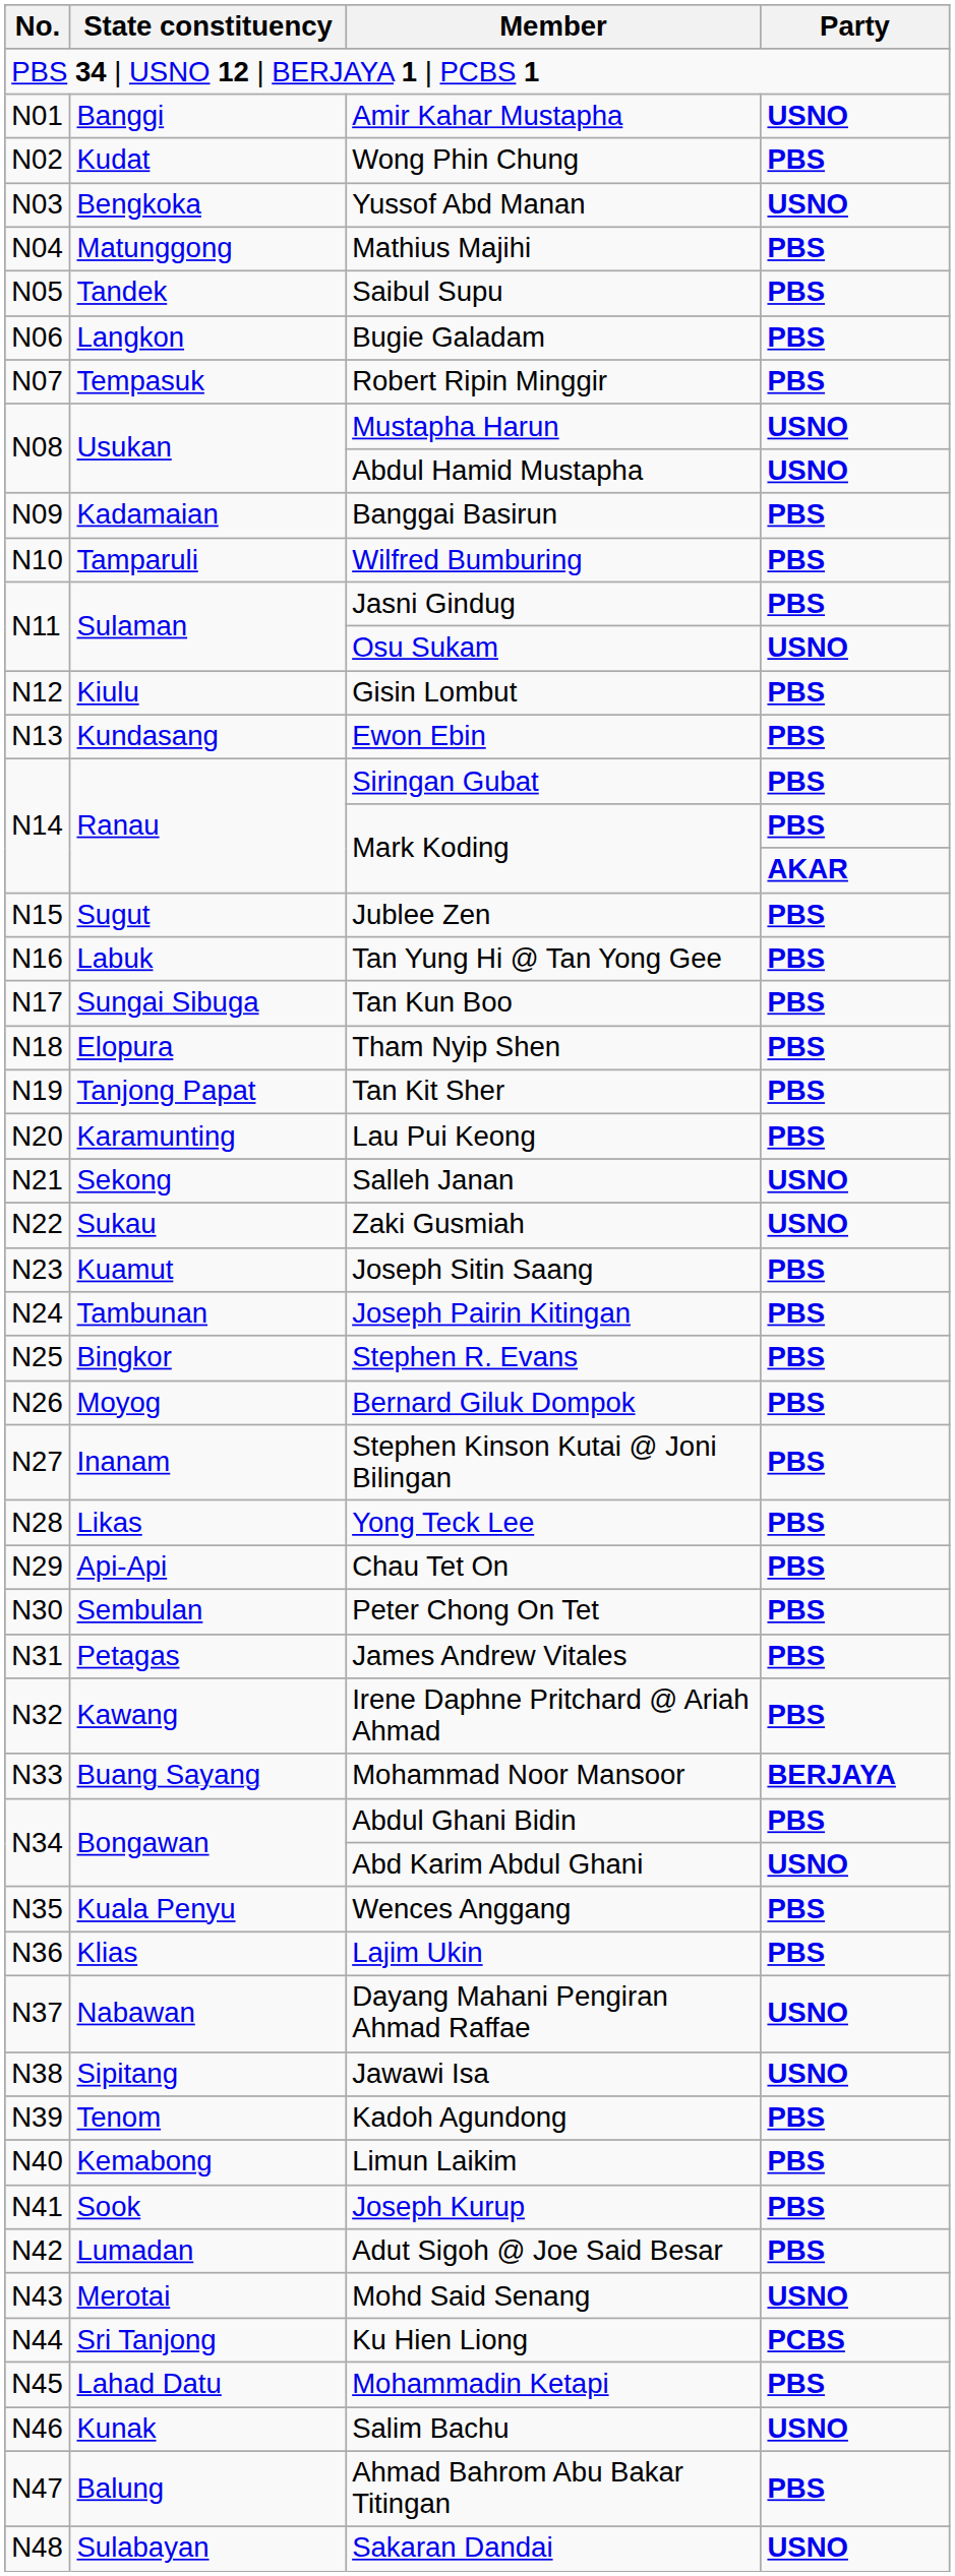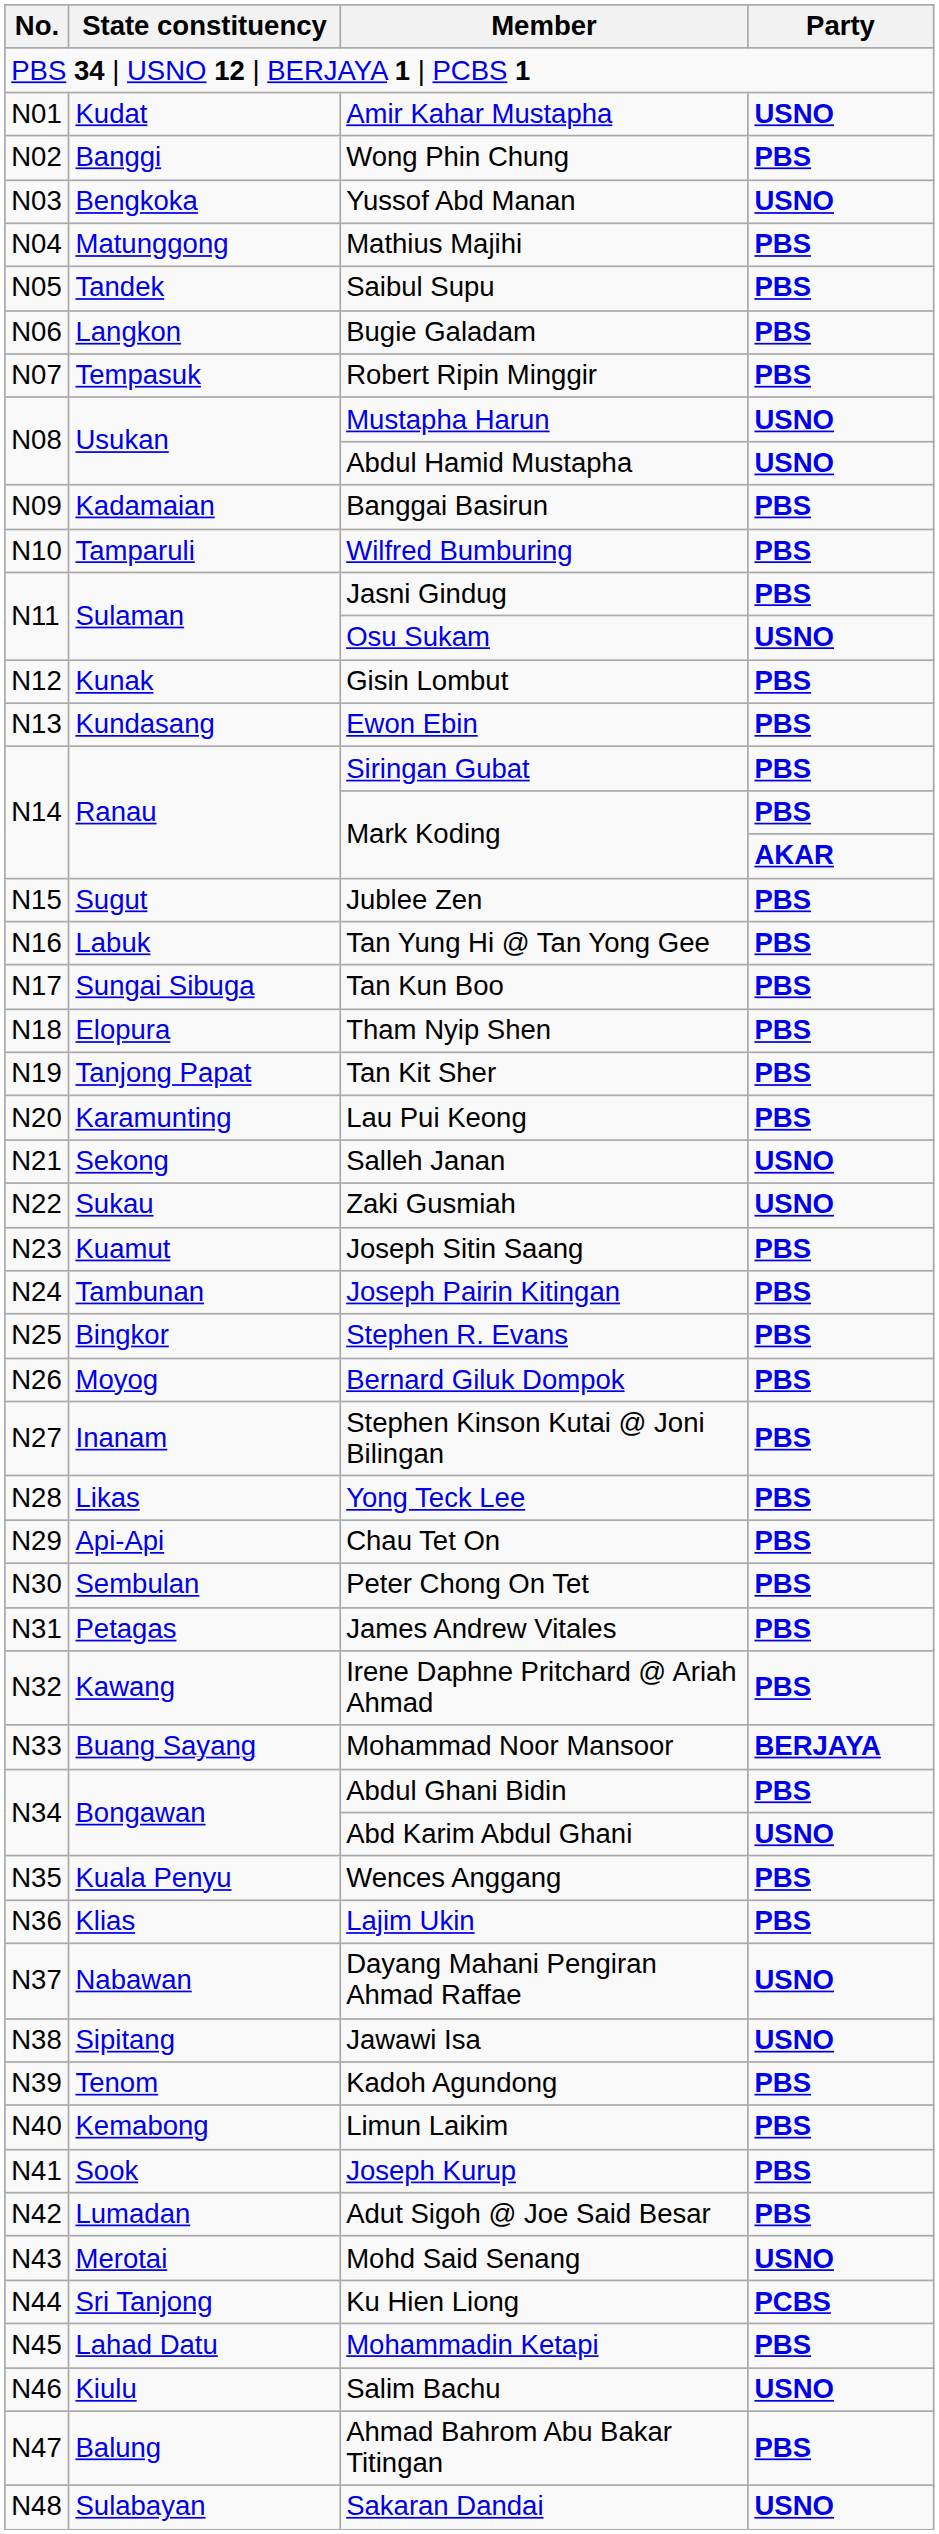 <table class="wikitable sortable">
 <tr>
 <th style="width:30px;">No.</th>
 <th style="width:150px;">State constituency</th>
 <th style="width:230px;">Member</th>
 <th style="width:100px;">Party</th>
 </tr>
 <tr>
 <td colspan="4"><a href='#'>PBS</a> <strong>34</strong> | <a href='#'>USNO</a> <strong>12</strong> | <a href='#'>BERJAYA</a> <strong>1</strong> | <a href='#'>PCBS</a> <strong>1</strong></td>
 </tr>
 <tr>
 <td>N01</td>
-<td><a href='#'>Banggi</a></td>
+<td><a href='#'>Kudat</a></td>
 <td><a href='#'>Amir Kahar Mustapha</a></td>
 <td><strong><a href='#'>USNO</a></strong></td>
 </tr>
 <tr>
 <td>N02</td>
-<td><a href='#'>Kudat</a></td>
+<td><a href='#'>Banggi</a></td>
 <td>Wong Phin Chung</td>
 <td><strong><a href='#'>PBS</a></strong></td>
 </tr>
 <tr>
 <td>N03</td>
 <td><a href='#'>Bengkoka</a></td>
 <td>Yussof Abd Manan</td>
 <td><strong><a href='#'>USNO</a></strong></td>
 </tr>
 <tr>
 <td>N04</td>
 <td><a href='#'>Matunggong</a></td>
 <td>Mathius Majihi</td>
 <td><strong><a href='#'>PBS</a></strong></td>
 </tr>
 <tr>
 <td>N05</td>
 <td><a href='#'>Tandek</a></td>
 <td>Saibul Supu</td>
 <td><strong><a href='#'>PBS</a></strong></td>
 </tr>
 <tr>
 <td>N06</td>
 <td><a href='#'>Langkon</a></td>
 <td>Bugie Galadam</td>
 <td><strong><a href='#'>PBS</a></strong></td>
 </tr>
 <tr>
 <td>N07</td>
 <td><a href='#'>Tempasuk</a></td>
 <td>Robert Ripin Minggir</td>
 <td><strong><a href='#'>PBS</a></strong></td>
 </tr>
 <tr>
 <td rowspan=2>N08</td>
 <td rowspan=2><a href='#'>Usukan</a></td>
 <td><a href='#'>Mustapha Harun</a> </td>
 <td><strong><a href='#'>USNO</a></strong></td>
 </tr>
 <tr>
 <td>Abdul Hamid Mustapha </td>
 <td><strong><a href='#'>USNO</a></strong></td>
 </tr>
 <tr>
 <td>N09</td>
 <td><a href='#'>Kadamaian</a></td>
 <td>Banggai Basirun</td>
 <td><strong><a href='#'>PBS</a></strong></td>
 </tr>
 <tr>
 <td>N10</td>
 <td><a href='#'>Tamparuli</a></td>
 <td><a href='#'>Wilfred Bumburing</a></td>
 <td><strong><a href='#'>PBS</a></strong></td>
 </tr>
 <tr>
 <td rowspan=2>N11</td>
 <td rowspan=2><a href='#'>Sulaman</a></td>
 <td>Jasni Gindug </td>
 <td><strong><a href='#'>PBS</a></strong></td>
 </tr>
 <tr>
 <td><a href='#'>Osu Sukam</a> </td>
 <td><strong><a href='#'>USNO</a></strong></td>
 </tr>
 <tr>
 <td>N12</td>
-<td><a href='#'>Kiulu</a></td>
+<td><a href='#'>Kunak</a></td>
 <td>Gisin Lombut</td>
 <td><strong><a href='#'>PBS</a></strong></td>
 </tr>
 <tr>
 <td>N13</td>
 <td><a href='#'>Kundasang</a></td>
 <td><a href='#'>Ewon Ebin</a></td>
 <td><strong><a href='#'>PBS</a></strong></td>
 </tr>
 <tr>
 <td rowspan=3>N14</td>
 <td rowspan=3><a href='#'>Ranau</a></td>
 <td><a href='#'>Siringan Gubat</a> </td>
 <td><strong><a href='#'>PBS</a></strong></td>
 </tr>
 <tr>
 <td rowspan=2>Mark Koding </td>
 <td><strong><a href='#'>PBS</a></strong></td>
 </tr>
 <tr>
 <td><strong><a href='#'>AKAR</a></strong></td>
 </tr>
 <tr>
 <td>N15</td>
 <td><a href='#'>Sugut</a></td>
 <td>Jublee Zen</td>
 <td><strong><a href='#'>PBS</a></strong></td>
 </tr>
 <tr>
 <td>N16</td>
 <td><a href='#'>Labuk</a></td>
 <td>Tan Yung Hi @ Tan Yong Gee</td>
 <td><strong><a href='#'>PBS</a></strong></td>
 </tr>
 <tr>
 <td>N17</td>
 <td><a href='#'>Sungai Sibuga</a></td>
 <td>Tan Kun Boo</td>
 <td><strong><a href='#'>PBS</a></strong></td>
 </tr>
 <tr>
 <td>N18</td>
 <td><a href='#'>Elopura</a></td>
 <td>Tham Nyip Shen</td>
 <td><strong><a href='#'>PBS</a></strong></td>
 </tr>
 <tr>
 <td>N19</td>
 <td><a href='#'>Tanjong Papat</a></td>
 <td>Tan Kit Sher</td>
 <td><strong><a href='#'>PBS</a></strong></td>
 </tr>
 <tr>
 <td>N20</td>
 <td><a href='#'>Karamunting</a></td>
 <td>Lau Pui Keong</td>
 <td><strong><a href='#'>PBS</a></strong></td>
 </tr>
 <tr>
 <td>N21</td>
 <td><a href='#'>Sekong</a></td>
 <td>Salleh Janan</td>
 <td><strong><a href='#'>USNO</a></strong></td>
 </tr>
 <tr>
 <td>N22</td>
 <td><a href='#'>Sukau</a></td>
 <td>Zaki Gusmiah</td>
 <td><strong><a href='#'>USNO</a></strong></td>
 </tr>
 <tr>
 <td>N23</td>
 <td><a href='#'>Kuamut</a></td>
 <td>Joseph Sitin Saang</td>
 <td><strong><a href='#'>PBS</a></strong></td>
 </tr>
 <tr>
 <td>N24</td>
 <td><a href='#'>Tambunan</a></td>
 <td><a href='#'>Joseph Pairin Kitingan</a></td>
 <td><strong><a href='#'>PBS</a></strong></td>
 </tr>
 <tr>
 <td>N25</td>
 <td><a href='#'>Bingkor</a></td>
 <td><a href='#'>Stephen R. Evans</a></td>
 <td><strong><a href='#'>PBS</a></strong></td>
 </tr>
 <tr>
 <td>N26</td>
 <td><a href='#'>Moyog</a></td>
 <td><a href='#'>Bernard Giluk Dompok</a></td>
 <td><strong><a href='#'>PBS</a></strong></td>
 </tr>
 <tr>
 <td>N27</td>
 <td><a href='#'>Inanam</a></td>
 <td>Stephen Kinson Kutai @ Joni Bilingan</td>
 <td><strong><a href='#'>PBS</a></strong></td>
 </tr>
 <tr>
 <td>N28</td>
 <td><a href='#'>Likas</a></td>
 <td><a href='#'>Yong Teck Lee</a></td>
 <td><strong><a href='#'>PBS</a></strong></td>
 </tr>
 <tr>
 <td>N29</td>
 <td><a href='#'>Api-Api</a></td>
 <td>Chau Tet On</td>
 <td><strong><a href='#'>PBS</a></strong></td>
 </tr>
 <tr>
 <td>N30</td>
 <td><a href='#'>Sembulan</a></td>
 <td>Peter Chong On Tet</td>
 <td><strong><a href='#'>PBS</a></strong></td>
 </tr>
 <tr>
 <td>N31</td>
 <td><a href='#'>Petagas</a></td>
 <td>James Andrew Vitales</td>
 <td><strong><a href='#'>PBS</a></strong></td>
 </tr>
 <tr>
 <td>N32</td>
 <td><a href='#'>Kawang</a></td>
 <td>Irene Daphne Pritchard @ Ariah Ahmad</td>
 <td><strong><a href='#'>PBS</a></strong></td>
 </tr>
 <tr>
 <td>N33</td>
 <td><a href='#'>Buang Sayang</a></td>
 <td>Mohammad Noor Mansoor</td>
 <td><strong><a href='#'>BERJAYA</a></strong></td>
 </tr>
 <tr>
 <td rowspan=2>N34</td>
 <td rowspan=2><a href='#'>Bongawan</a></td>
 <td>Abdul Ghani Bidin </td>
 <td><strong><a href='#'>PBS</a></strong></td>
 </tr>
 <tr>
 <td>Abd Karim Abdul Ghani </td>
 <td><strong><a href='#'>USNO</a></strong></td>
 </tr>
 <tr>
 <td>N35</td>
 <td><a href='#'>Kuala Penyu</a></td>
 <td>Wences Anggang</td>
 <td><strong><a href='#'>PBS</a></strong></td>
 </tr>
 <tr>
 <td>N36</td>
 <td><a href='#'>Klias</a></td>
 <td><a href='#'>Lajim Ukin</a></td>
 <td><strong><a href='#'>PBS</a></strong></td>
 </tr>
 <tr>
 <td>N37</td>
 <td><a href='#'>Nabawan</a></td>
 <td>Dayang Mahani Pengiran Ahmad Raffae</td>
 <td><strong><a href='#'>USNO</a></strong></td>
 </tr>
 <tr>
 <td>N38</td>
 <td><a href='#'>Sipitang</a></td>
 <td>Jawawi Isa</td>
 <td><strong><a href='#'>USNO</a></strong></td>
 </tr>
 <tr>
 <td>N39</td>
 <td><a href='#'>Tenom</a></td>
 <td>Kadoh Agundong</td>
 <td><strong><a href='#'>PBS</a></strong></td>
 </tr>
 <tr>
 <td>N40</td>
 <td><a href='#'>Kemabong</a></td>
 <td>Limun Laikim</td>
 <td><strong><a href='#'>PBS</a></strong></td>
 </tr>
 <tr>
 <td>N41</td>
 <td><a href='#'>Sook</a></td>
 <td><a href='#'>Joseph Kurup</a></td>
 <td><strong><a href='#'>PBS</a></strong></td>
 </tr>
 <tr>
 <td>N42</td>
 <td><a href='#'>Lumadan</a></td>
 <td>Adut Sigoh @ Joe Said Besar</td>
 <td><strong><a href='#'>PBS</a></strong></td>
 </tr>
 <tr>
 <td>N43</td>
 <td><a href='#'>Merotai</a></td>
 <td>Mohd Said Senang</td>
 <td><strong><a href='#'>USNO</a></strong></td>
 </tr>
 <tr>
 <td>N44</td>
 <td><a href='#'>Sri Tanjong</a></td>
 <td>Ku Hien Liong</td>
 <td><strong><a href='#'>PCBS</a></strong></td>
 </tr>
 <tr>
 <td>N45</td>
 <td><a href='#'>Lahad Datu</a></td>
 <td><a href='#'>Mohammadin Ketapi</a></td>
 <td><strong><a href='#'>PBS</a></strong></td>
 </tr>
 <tr>
 <td>N46</td>
-<td><a href='#'>Kunak</a></td>
+<td><a href='#'>Kiulu</a></td>
 <td>Salim Bachu</td>
 <td><strong><a href='#'>USNO</a></strong></td>
 </tr>
 <tr>
 <td>N47</td>
 <td><a href='#'>Balung</a></td>
 <td>Ahmad Bahrom Abu Bakar Titingan</td>
 <td><strong><a href='#'>PBS</a></strong></td>
 </tr>
 <tr>
 <td>N48</td>
 <td><a href='#'>Sulabayan</a></td>
 <td><a href='#'>Sakaran Dandai</a></td>
 <td><strong><a href='#'>USNO</a></strong></td>
 </tr>
 </table>
